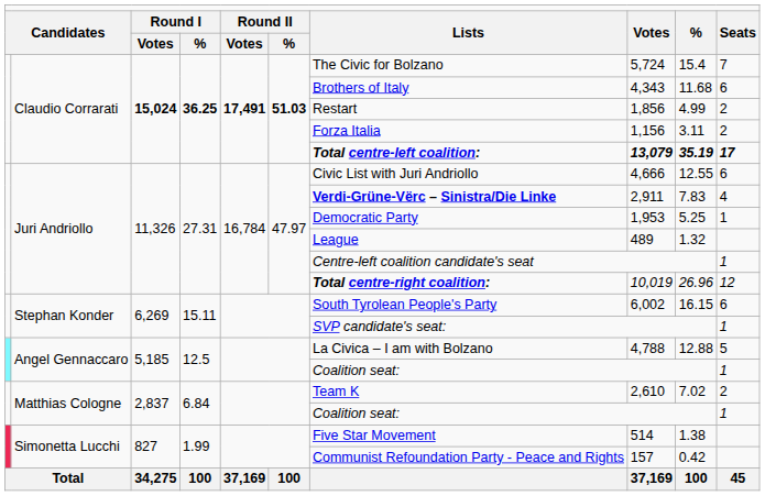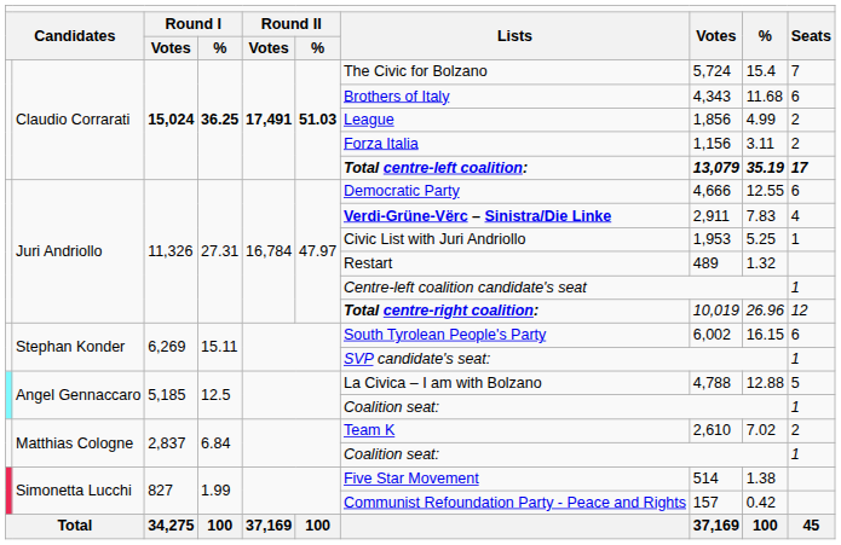 <table class="wikitable">
 <tr>
 <td colspan="10"></td>
 </tr>
 <tr>
 <th colspan="2" rowspan="2">Candidates</th>
 <th colspan="2">Round I</th>
 <th colspan="2">Round II</th>
 <th rowspan="2">Lists</th>
 <th rowspan="2">Votes</th>
 <th rowspan="2">%</th>
 <th rowspan="2">Seats</th>
 </tr>
 <tr>
 <th>Votes</th>
 <th>%</th>
 <th>Votes</th>
 <th>%</th>
 </tr>
 <tr>
 <td rowspan="5"></td>
 <td rowspan="5">Claudio Corrarati </td>
 <td rowspan="5"><strong>15,024</strong></td>
 <td rowspan="5"><strong>36.25</strong></td>
 <td rowspan="5"><strong>17,491</strong></td>
 <td rowspan="5"><strong>51.03</strong></td>
 <td>The Civic for Bolzano</td>
 <td>5,724</td>
 <td>15.4</td>
 <td>7</td>
 </tr>
 <tr>
 <td><a href='#'>Brothers of Italy</a></td>
 <td>4,343</td>
 <td>11.68</td>
 <td>6</td>
 </tr>
 <tr>
-<td>Restart</td>
+<td><a href='#'>League</a></td>
 <td>1,856</td>
 <td>4.99</td>
 <td>2</td>
 </tr>
 <tr>
 <td><a href='#'>Forza Italia</a></td>
 <td>1,156</td>
 <td>3.11</td>
 <td>2</td>
 </tr>
 <tr>
 <td><strong><em>Total <a href='#'>centre-left coalition</a>:</em></strong></td>
 <td><strong><em>13,079</em></strong></td>
 <td><strong><em>35.19</em></strong></td>
 <td><strong><em>17</em></strong></td>
 </tr>
 <tr>
 <td rowspan="6"></td>
 <td rowspan="6">Juri Andriollo</td>
 <td rowspan="6">11,326</td>
 <td rowspan="6">27.31</td>
 <td rowspan="6">16,784</td>
 <td rowspan="6">47.97</td>
-<td>Civic List with Juri Andriollo</td>
+<td><a href='#'>Democratic Party</a></td>
 <td>4,666</td>
 <td>12.55</td>
 <td>6</td>
 </tr>
 <tr>
 <td><strong><a href='#'>Verdi-Grüne-Vërc</a> – <a href='#'>Sinistra/Die Linke</a></strong></td>
 <td>2,911</td>
 <td>7.83</td>
 <td>4</td>
 </tr>
 <tr>
-<td><a href='#'>Democratic Party</a></td>
+<td>Civic List with Juri Andriollo</td>
 <td>1,953</td>
 <td>5.25</td>
 <td>1</td>
 </tr>
 <tr>
-<td><a href='#'>League</a></td>
+<td>Restart</td>
 <td>489</td>
 <td>1.32</td>
 <td></td>
 </tr>
 <tr>
 <td colspan="3"><em>Centre-left coalition candidate's seat</em></td>
 <td><em>1</em></td>
 </tr>
 <tr>
 <td><strong><em>Total <a href='#'>centre-right coalition</a>:</em></strong></td>
 <td><em>10,019</em></td>
 <td><em>26.96</em></td>
 <td><em>12</em></td>
 </tr>
 <tr>
 <td rowspan="2"></td>
 <td rowspan="2">Stephan Konder</td>
 <td rowspan="2">6,269</td>
 <td rowspan="2">15.11</td>
 <td colspan="2" rowspan="2"></td>
 <td><a href='#'>South Tyrolean People's Party</a></td>
 <td>6,002</td>
 <td>16.15</td>
 <td>6</td>
 </tr>
 <tr>
 <td colspan="3"><em><a href='#'>SVP</a> candidate's seat:</em></td>
 <td><em>1</em></td>
 </tr>
 <tr>
 <td rowspan="2" bgcolor="#7DF9FF"></td>
 <td rowspan="2">Angel Gennaccaro</td>
 <td rowspan="2">5,185</td>
 <td rowspan="2">12.5</td>
 <td colspan="2" rowspan="2"></td>
 <td>La Civica – I am with Bolzano</td>
 <td>4,788</td>
 <td>12.88</td>
 <td>5</td>
 </tr>
 <tr>
 <td colspan="3"><em>Coalition seat:</em></td>
 <td><em>1</em></td>
 </tr>
 <tr>
 <td rowspan="2"></td>
 <td rowspan="2">Matthias Cologne</td>
 <td rowspan="2">2,837</td>
 <td rowspan="2">6.84</td>
 <td colspan="2" rowspan="2"></td>
 <td><a href='#'>Team K</a></td>
 <td>2,610</td>
 <td>7.02</td>
 <td>2</td>
 </tr>
 <tr>
 <td colspan="3"><em>Coalition seat:</em></td>
 <td><em>1</em></td>
 </tr>
 <tr>
 <td rowspan="2" bgcolor="ED2855"></td>
 <td rowspan="2">Simonetta Lucchi</td>
 <td rowspan="2">827</td>
 <td rowspan="2">1.99</td>
 <td colspan="2" rowspan="2"></td>
 <td><a href='#'>Five Star Movement</a></td>
 <td>514</td>
 <td>1.38</td>
 <td></td>
 </tr>
 <tr>
 <td><a href='#'>Communist Refoundation Party - Peace and Rights</a></td>
 <td>157</td>
 <td>0.42</td>
 <td></td>
 </tr>
 <tr>
 <th colspan="2">Total</th>
 <th>34,275</th>
 <th>100</th>
 <th>37,169</th>
 <th>100</th>
 <th></th>
 <th>37,169</th>
 <th>100</th>
 <th>45</th>
 </tr>
 </table>
